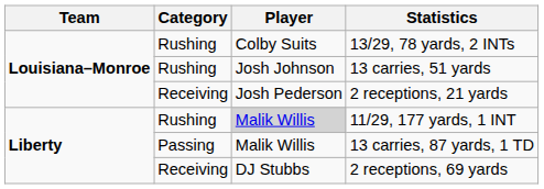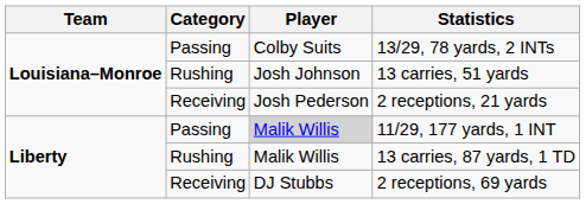 <table class="wikitable" style="float: left;">
 <tr>
 <th>Team</th>
 <th>Category</th>
 <th>Player</th>
 <th>Statistics</th>
 </tr>
 <tr>
 <td rowspan=3><strong>Louisiana–Monroe</strong></td>
-<td>Rushing</td>
+<td>Passing</td>
 <td>Colby Suits</td>
 <td>13/29, 78 yards, 2 INTs</td>
 </tr>
 <tr>
 <td>Rushing</td>
 <td>Josh Johnson</td>
 <td>13 carries, 51 yards</td>
 </tr>
 <tr>
 <td>Receiving</td>
 <td>Josh Pederson</td>
 <td>2 receptions, 21 yards</td>
 </tr>
 <tr>
 <td rowspan=3><strong>Liberty</strong></td>
-<td>Rushing</td>
+<td>Passing</td>
 <td style="background: lightgrey;"><a href='#'>Malik Willis</a></td>
 <td>11/29, 177 yards, 1 INT</td>
 </tr>
 <tr>
-<td>Passing</td>
+<td>Rushing</td>
 <td>Malik Willis</td>
 <td>13 carries, 87 yards, 1 TD</td>
 </tr>
 <tr>
 <td>Receiving</td>
 <td>DJ Stubbs</td>
 <td>2 receptions, 69 yards</td>
 </tr>
 </table>
